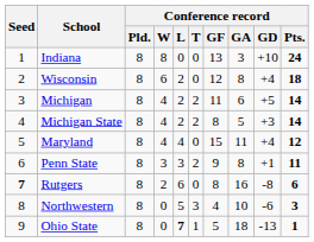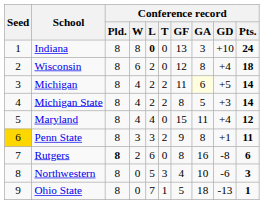 <table class="wikitable">
 <tr>
 <th rowspan="2">Seed</th>
 <th rowspan="2">School</th>
 <th colspan="8">Conference record</th>
 </tr>
 <tr>
 <th>Pld.</th>
 <th>W</th>
 <th>L</th>
 <th>T</th>
 <th>GF</th>
 <th>GA</th>
 <th>GD</th>
 <th>Pts.</th>
 </tr>
 <tr>
 <td align=center>1</td>
 <td><a href='#'>Indiana</a></td>
 <td align=center>8</td>
 <td align=center>8</td>
-<td align=center>0</td>
+<td align=center><strong>0</strong></td>
 <td align=center>0</td>
 <td align=center>13</td>
 <td align=center>3</td>
 <td align=center>+10</td>
 <td align=center><strong>24</strong></td>
 </tr>
 <tr>
 <td align=center>2</td>
 <td><a href='#'>Wisconsin</a></td>
 <td align=center>8</td>
 <td align=center>6</td>
 <td align=center>2</td>
 <td align=center>0</td>
 <td align=center>12</td>
 <td align=center>8</td>
 <td align=center>+4</td>
 <td align=center><strong>18</strong></td>
 </tr>
 <tr>
 <td align=center>3</td>
 <td><a href='#'>Michigan</a></td>
 <td align=center>8</td>
 <td align=center>4</td>
 <td align=center>2</td>
 <td align=center>2</td>
 <td align=center>11</td>
-<td align=center>6</td>
+<td align=center style="background: lightyellow;">6</td>
 <td align=center>+5</td>
 <td align=center><strong>14</strong></td>
 </tr>
 <tr>
 <td align=center>4</td>
 <td><a href='#'>Michigan State</a></td>
 <td align=center>8</td>
 <td align=center>4</td>
 <td align=center>2</td>
 <td align=center>2</td>
 <td align=center>8</td>
 <td align=center>5</td>
 <td align=center>+3</td>
 <td align=center><strong>14</strong></td>
 </tr>
 <tr>
 <td align=center>5</td>
 <td><a href='#'>Maryland</a></td>
 <td align=center>8</td>
 <td align=center>4</td>
 <td align=center>4</td>
 <td align=center>0</td>
 <td align=center>15</td>
 <td align=center>11</td>
 <td align=center>+4</td>
 <td align=center><strong>12</strong></td>
 </tr>
 <tr>
-<td align=center>6</td>
+<td align=center style="background: gold;">6</td>
 <td><a href='#'>Penn State</a></td>
 <td align=center>8</td>
 <td align=center>3</td>
 <td align=center>3</td>
 <td align=center>2</td>
 <td align=center>9</td>
 <td align=center>8</td>
 <td align=center>+1</td>
 <td align=center><strong>11</strong></td>
 </tr>
 <tr>
-<td align=center><strong>7</strong></td>
+<td align=center>7</td>
 <td><a href='#'>Rutgers</a></td>
-<td align=center>8</td>
+<td align=center><strong>8</strong></td>
 <td align=center>2</td>
 <td align=center>6</td>
 <td align=center>0</td>
 <td align=center>8</td>
 <td align=center>16</td>
 <td align=center>-8</td>
 <td align=center><strong>6</strong></td>
 </tr>
 <tr>
 <td align=center>8</td>
 <td><a href='#'>Northwestern</a></td>
 <td align=center>8</td>
 <td align=center>0</td>
 <td align=center>5</td>
 <td align=center>3</td>
 <td align=center>4</td>
 <td align=center>10</td>
 <td align=center>-6</td>
 <td align=center><strong>3</strong></td>
 </tr>
 <tr>
 <td align=center>9</td>
 <td><a href='#'>Ohio State</a></td>
 <td align=center>8</td>
 <td align=center>0</td>
-<td align=center><strong>7</strong></td>
+<td align=center>7</td>
 <td align=center>1</td>
 <td align=center>5</td>
 <td align=center>18</td>
 <td align=center>-13</td>
 <td align=center><strong>1</strong></td>
 </tr>
 </table>
